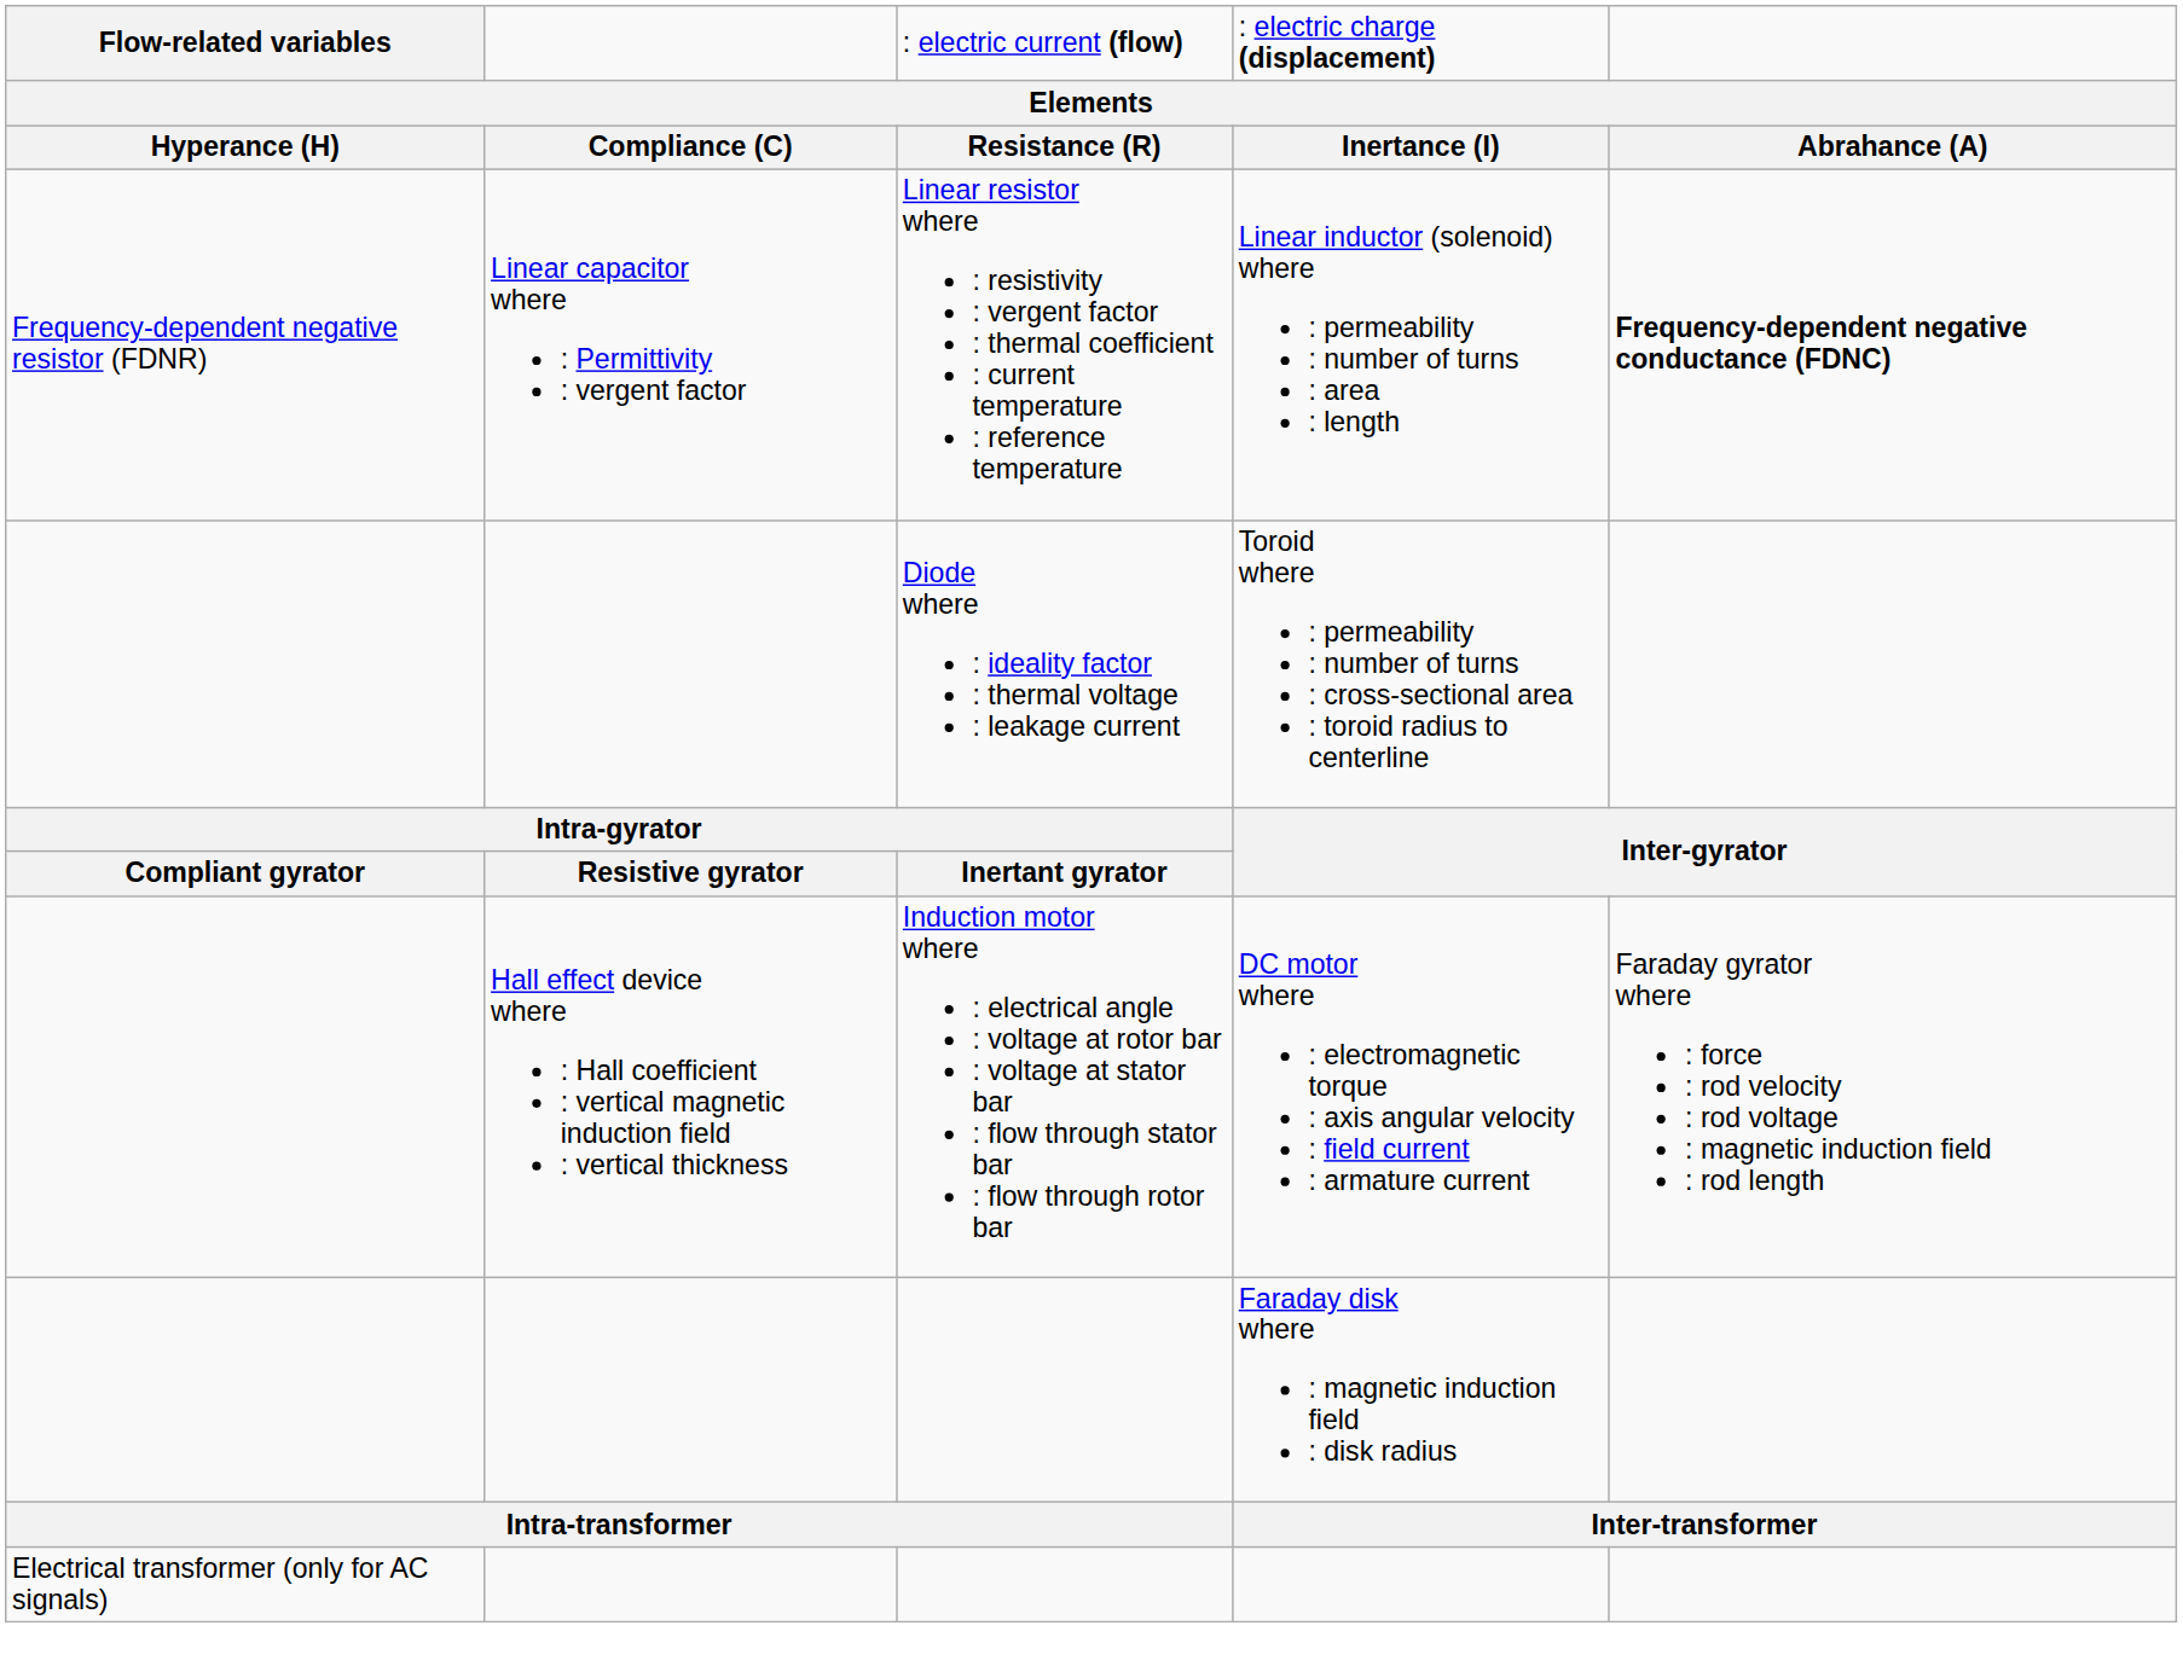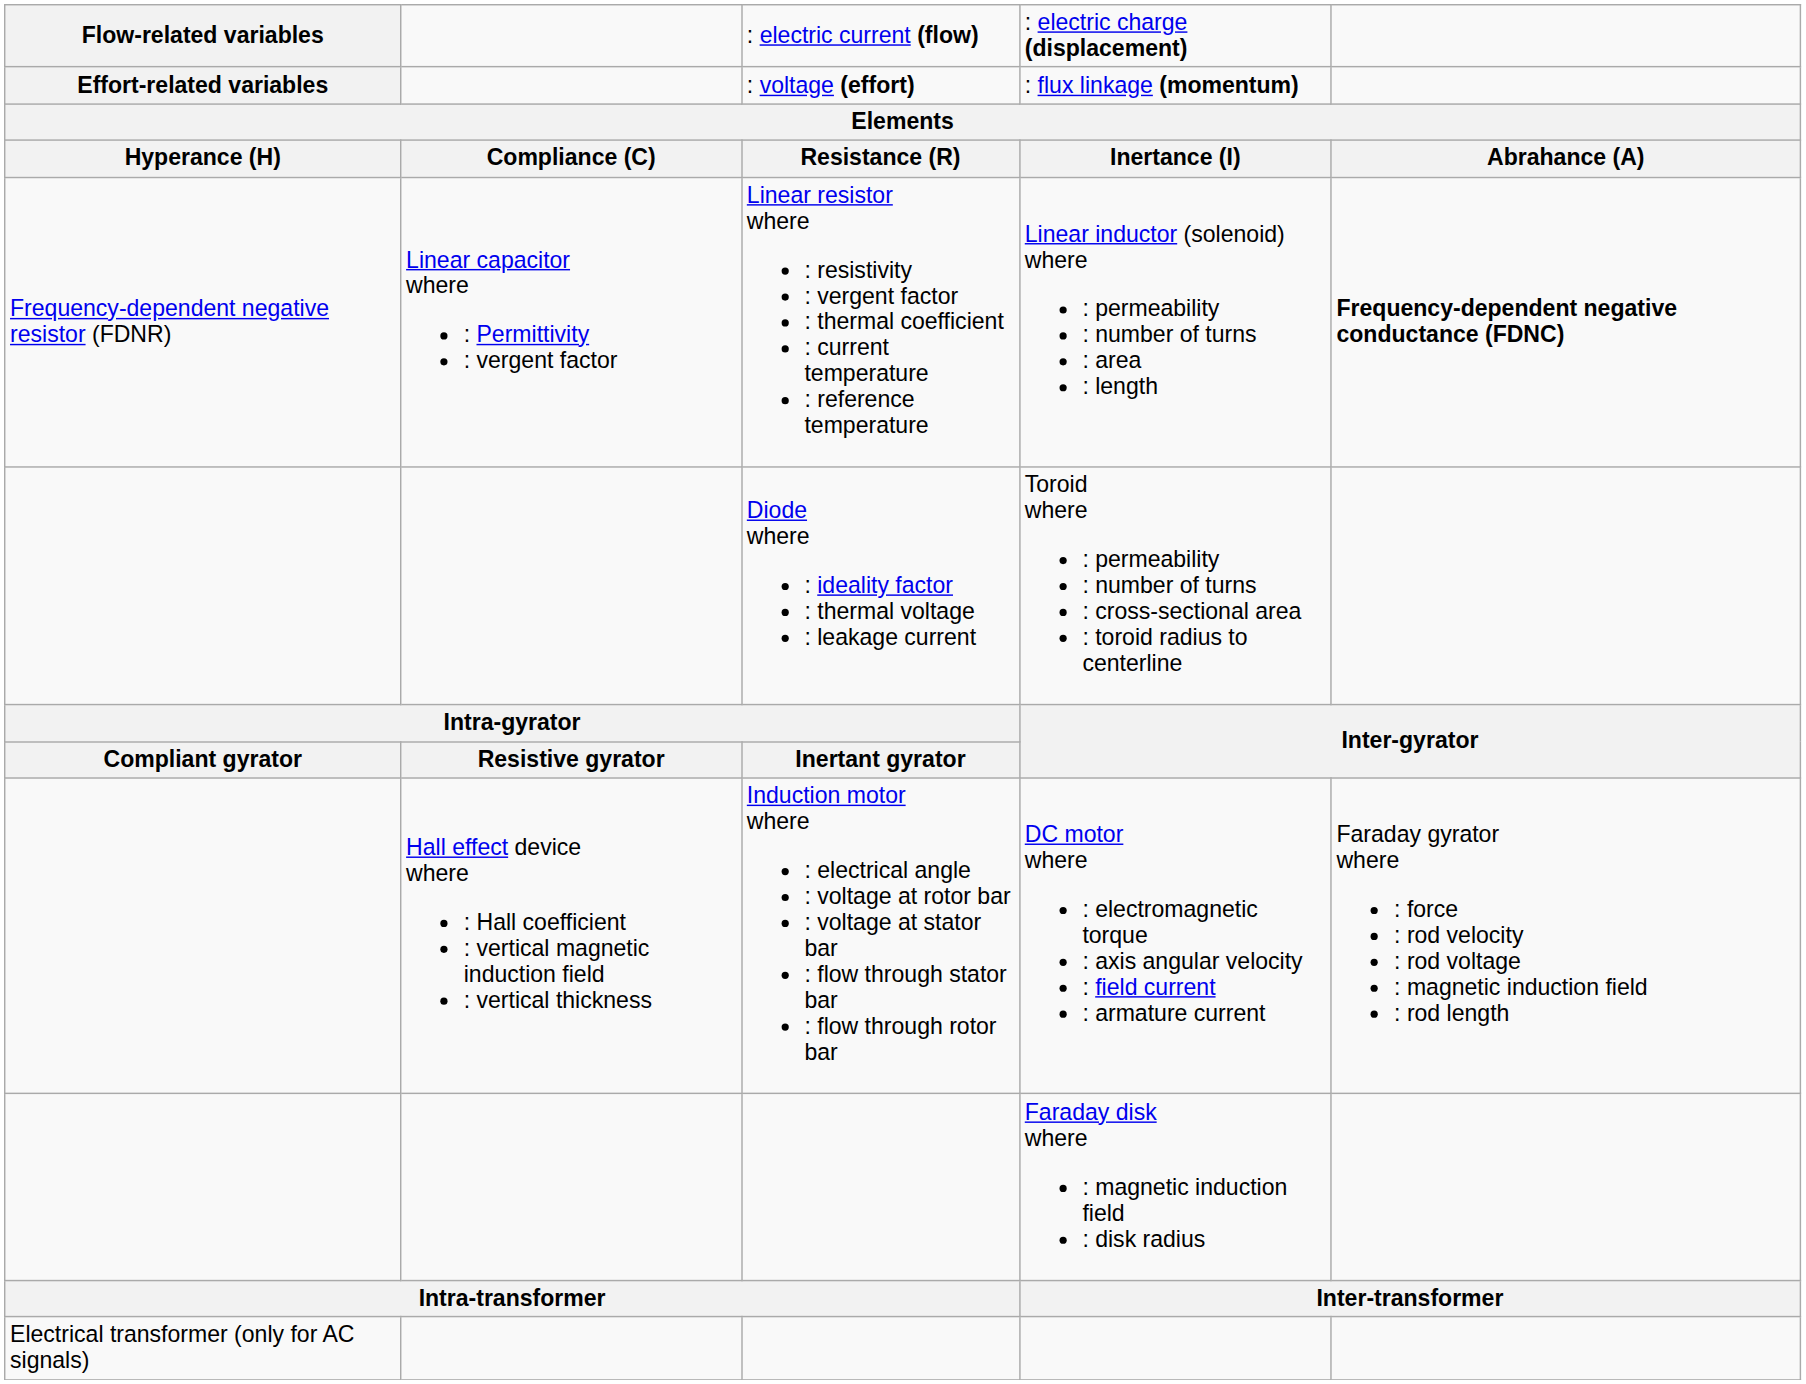 <table class="wikitable">
 <tr>
 <th>Flow-related variables</th>
 <td></td>
 <td>: <a href='#'>electric current</a> <strong>(flow)</strong></td>
 <td>: <a href='#'>electric charge</a> <strong>(displacement)</strong></td>
+<td></td>
+</tr>
+<tr>
+<th>Effort-related variables</th>
+<td></td>
+<td>: <a href='#'>voltage</a> <strong>(effort)</strong></td>
+<td>: <a href='#'>flux linkage</a> <strong>(momentum)</strong></td>
 <td></td>
 </tr>
 <tr>
 <th colspan="5">Elements</th>
 </tr>
 <tr>
 <th>Hyperance (H)</th>
 <th>Compliance (C)</th>
 <th>Resistance (R)</th>
 <th>Inertance (I)</th>
 <th>Abrahance (A)</th>
 </tr>
 <tr>
 <td><a href='#'>Frequency-dependent negative resistor</a> (FDNR)<br></td>
 <td><a href='#'>Linear capacitor</a><br> where<ul><li>: <a href='#'>Permittivity</a></li><li>: vergent factor</li></ul></td>
 <td><a href='#'>Linear resistor</a><br> where<ul><li>: resistivity</li><li>: vergent factor</li><li>: thermal coefficient</li><li>: current temperature</li><li>: reference temperature</li></ul></td>
 <td><a href='#'>Linear inductor</a> (solenoid)<br> where<ul><li>: permeability</li><li>: number of turns</li><li>: area</li><li>: length</li></ul></td>
 <td><strong>Frequency-dependent negative conductance (FDNC)</strong><br><strong></strong></td>
 </tr>
 <tr>
 <td></td>
 <td></td>
 <td><a href='#'>Diode</a><br> where<ul><li>: <a href='#'>ideality factor</a></li><li>: thermal voltage</li><li>: leakage current</li></ul></td>
 <td>Toroid<br> where<ul><li>: permeability</li><li>: number of turns</li><li>: cross-sectional area</li><li>: toroid radius to centerline</li></ul></td>
 <td></td>
 </tr>
 <tr>
 <th colspan="3">Intra-gyrator</th>
 <th colspan="2" rowspan="2">Inter-gyrator</th>
 </tr>
 <tr>
 <th>Compliant gyrator</th>
 <th>Resistive gyrator</th>
 <th>Inertant gyrator</th>
 </tr>
 <tr>
 <td></td>
 <td><a href='#'>Hall effect</a> device<br> where<ul><li>: Hall coefficient</li><li>: vertical magnetic induction field</li><li>: vertical thickness</li></ul></td>
 <td><a href='#'>Induction motor</a><br> where<ul><li>: electrical angle</li><li>: voltage at rotor bar</li><li>: voltage at stator bar</li><li>: flow through stator bar</li><li>: flow through rotor bar</li></ul></td>
 <td><a href='#'>DC motor</a><br> where<ul><li>: electromagnetic torque</li><li>: axis angular velocity</li><li>: <a href='#'>field current</a></li><li>: armature current</li></ul></td>
 <td>Faraday gyrator<br> where<ul><li>: force</li><li>: rod velocity</li><li>: rod voltage</li><li>: magnetic induction field</li><li>: rod length</li></ul></td>
 </tr>
 <tr>
 <td></td>
 <td></td>
 <td></td>
 <td><a href='#'>Faraday disk</a><br> where<ul><li>: magnetic induction field</li><li>: disk radius</li></ul></td>
 <td></td>
 </tr>
 <tr>
 <th colspan="3">Intra-transformer</th>
 <th colspan="2">Inter-transformer</th>
 </tr>
 <tr>
 <td>Electrical transformer (only for AC signals)<br></td>
 <td></td>
 <td></td>
 <td></td>
 <td></td>
 </tr>
 </table>
